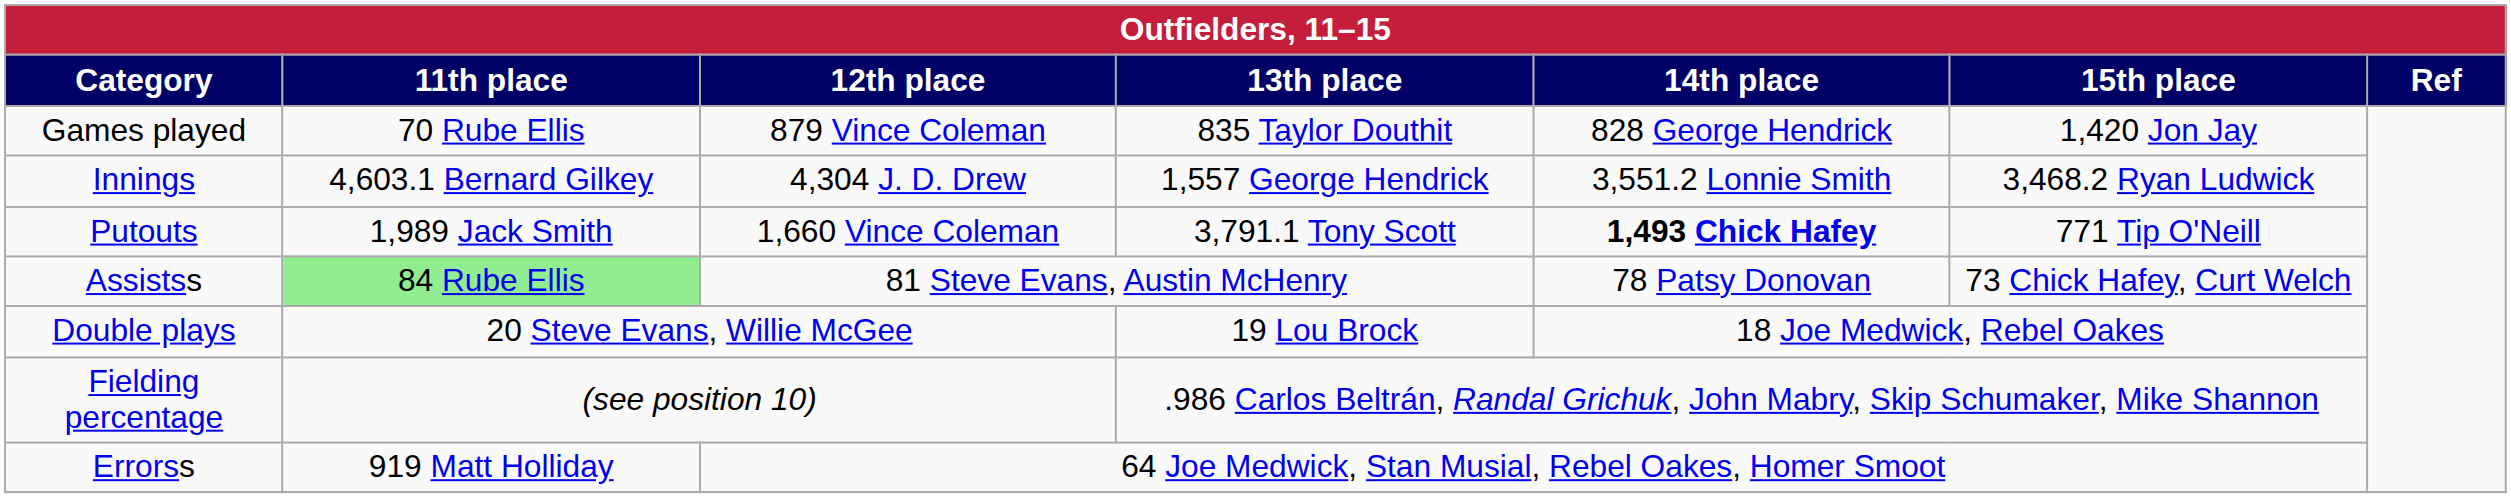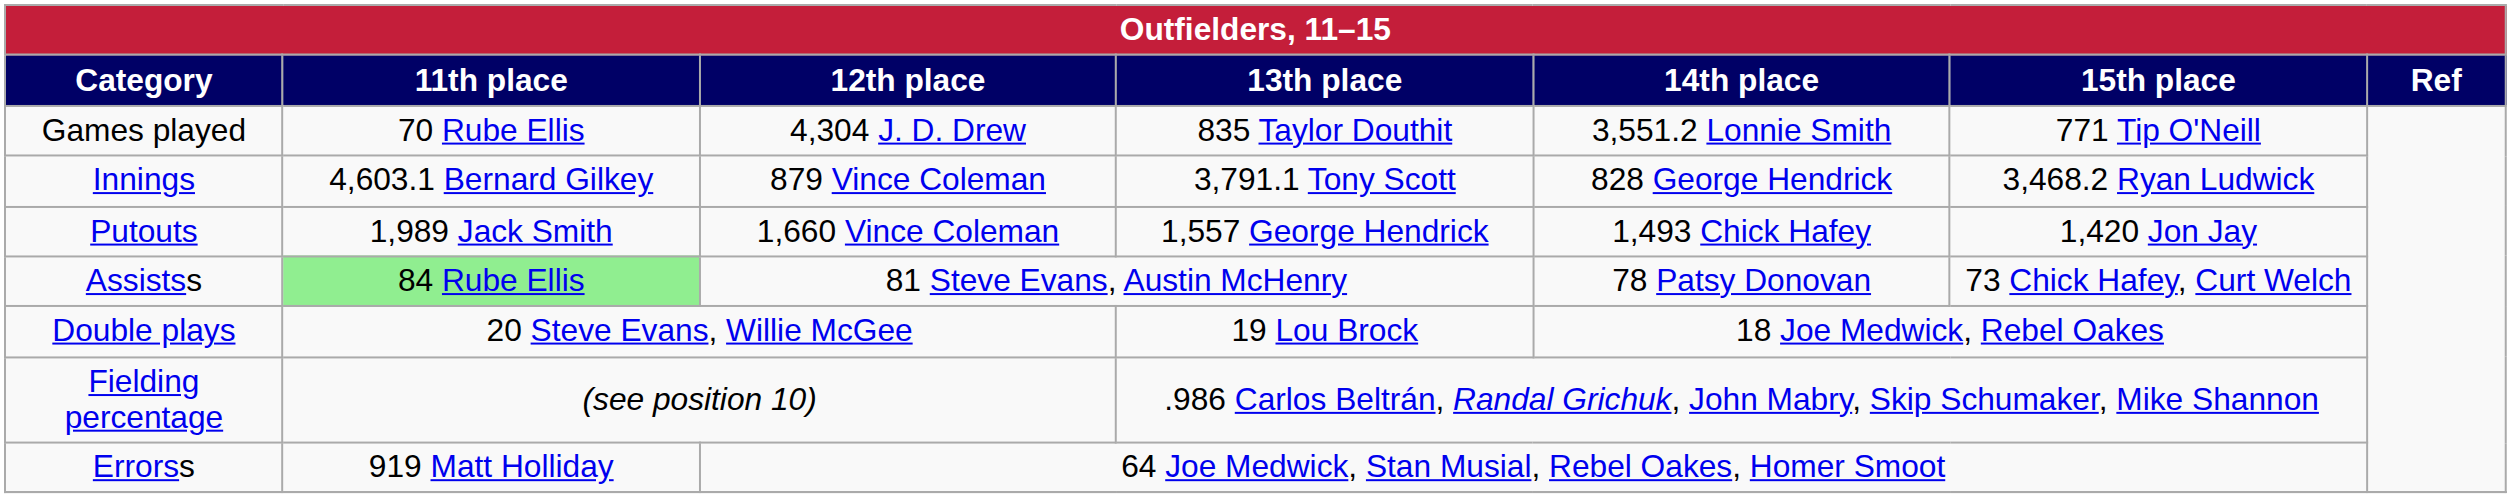 <table class="wikitable" style="text-align:center; width:100%">
 <tr>
 <th colspan=7 style="background:#C41E3A;color:#FFFFFF;">Outfielders, 11–15</th>
 </tr>
 <tr>
 <th scope="col" width=10% style="background:#000066;color:#FFFFFF;">Category</th>
 <th scope="col" width=15% style="background:#000066;color:#FFFFFF;">11th place</th>
 <th scope="col" width=15% style="background:#000066;color:#FFFFFF;">12th place</th>
 <th scope="col" width=15% style="background:#000066;color:#FFFFFF;">13th place</th>
 <th scope="col" width=15% style="background:#000066;color:#FFFFFF;">14th place</th>
 <th scope="col" width=15% style="background:#000066;color:#FFFFFF;">15th place</th>
 <th scope="col" width=5% style="background:#000066;color:#FFFFFF;">Ref</th>
 </tr>
 <tr>
 <td>Games played</td>
 <td>70 <a href='#'>Rube Ellis</a></td>
-<td>879 <a href='#'>Vince Coleman</a></td>
+<td>4,304 <a href='#'>J. D. Drew</a></td>
 <td>835 <a href='#'>Taylor Douthit</a></td>
-<td>828 <a href='#'>George Hendrick</a></td>
-<td>1,420 <a href='#'>Jon Jay</a></td>
+<td>3,551.2 <a href='#'>Lonnie Smith</a></td>
+<td>771 <a href='#'>Tip O'Neill</a></td>
 <td rowspan="7" style="text-align: center;"></td>
 </tr>
 <tr>
 <td><a href='#'>Innings</a></td>
 <td>4,603.1 <a href='#'>Bernard Gilkey</a></td>
-<td>4,304 <a href='#'>J. D. Drew</a></td>
-<td>1,557 <a href='#'>George Hendrick</a></td>
-<td>3,551.2 <a href='#'>Lonnie Smith</a></td>
+<td>879 <a href='#'>Vince Coleman</a></td>
+<td>3,791.1 <a href='#'>Tony Scott</a></td>
+<td>828 <a href='#'>George Hendrick</a></td>
 <td>3,468.2 <a href='#'>Ryan Ludwick</a></td>
 </tr>
 <tr>
 <td><a href='#'>Putouts</a></td>
 <td>1,989 <a href='#'>Jack Smith</a></td>
 <td>1,660 <a href='#'>Vince Coleman</a></td>
-<td>3,791.1 <a href='#'>Tony Scott</a></td>
-<td><strong>1,493 <a href='#'>Chick Hafey</a></strong></td>
-<td>771 <a href='#'>Tip O'Neill</a></td>
+<td>1,557 <a href='#'>George Hendrick</a></td>
+<td>1,493 <a href='#'>Chick Hafey</a></td>
+<td>1,420 <a href='#'>Jon Jay</a></td>
 </tr>
 <tr>
 <td><a href='#'>Assists</a>s</td>
 <td style="background: lightgreen;">84 <a href='#'>Rube Ellis</a></td>
 <td colspan="2" style="text-align: center;">81 <a href='#'>Steve Evans</a>, <a href='#'>Austin McHenry</a></td>
 <td>78 <a href='#'>Patsy Donovan</a></td>
 <td>73 <a href='#'>Chick Hafey</a>, <a href='#'>Curt Welch</a></td>
 </tr>
 <tr>
 <td><a href='#'>Double plays</a></td>
 <td colspan="2" style="text-align: center;">20 <a href='#'>Steve Evans</a>, <a href='#'>Willie McGee</a></td>
 <td>19 <a href='#'>Lou Brock</a></td>
 <td colspan="2" style="text-align: center;">18 <a href='#'>Joe Medwick</a>, <a href='#'>Rebel Oakes</a></td>
 </tr>
 <tr>
 <td><a href='#'>Fielding percentage</a></td>
 <td colspan="2" style="text-align: center;"><em>(see position 10)</em></td>
 <td colspan="3" style="text-align: center;">.986 <a href='#'>Carlos Beltrán</a>, <em><a href='#'>Randal Grichuk</a></em>, <a href='#'>John Mabry</a>, <a href='#'>Skip Schumaker</a>, <a href='#'>Mike Shannon</a></td>
 </tr>
 <tr>
 <td><a href='#'>Errors</a>s</td>
 <td>919 <a href='#'>Matt Holliday</a></td>
 <td colspan="4" style="text-align: center;">64 <a href='#'>Joe Medwick</a>, <a href='#'>Stan Musial</a>, <a href='#'>Rebel Oakes</a>, <a href='#'>Homer Smoot</a></td>
 </tr>
 <tr>
 </tr>
 </table>
